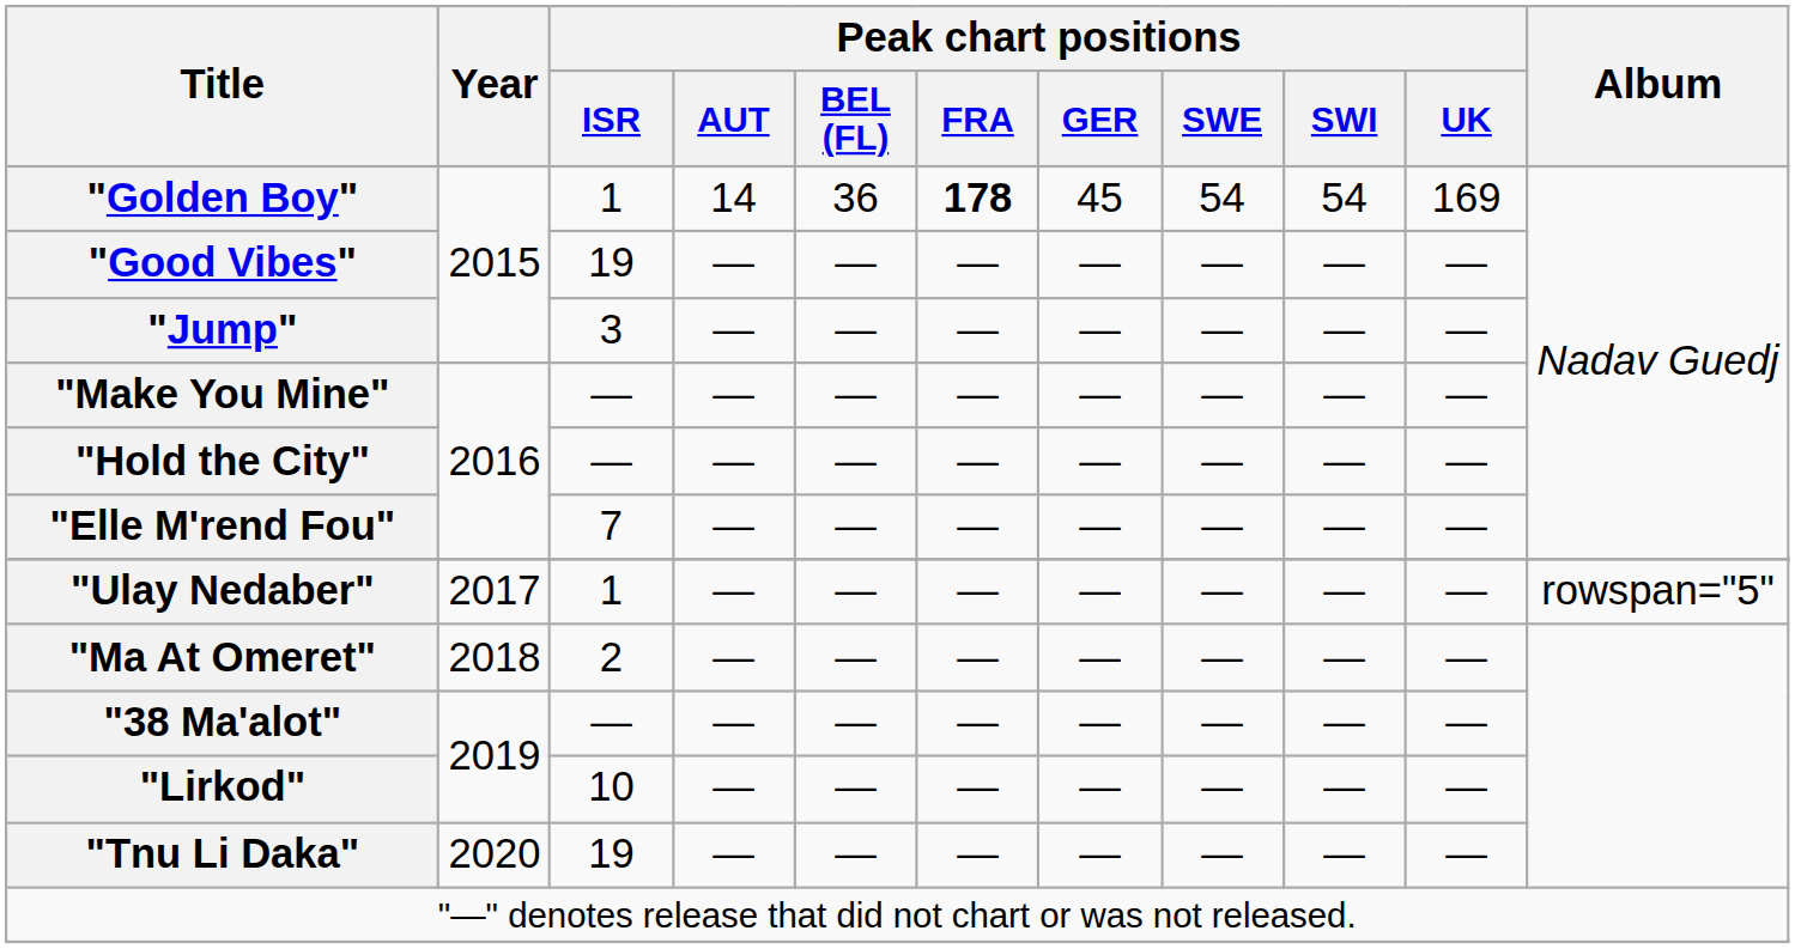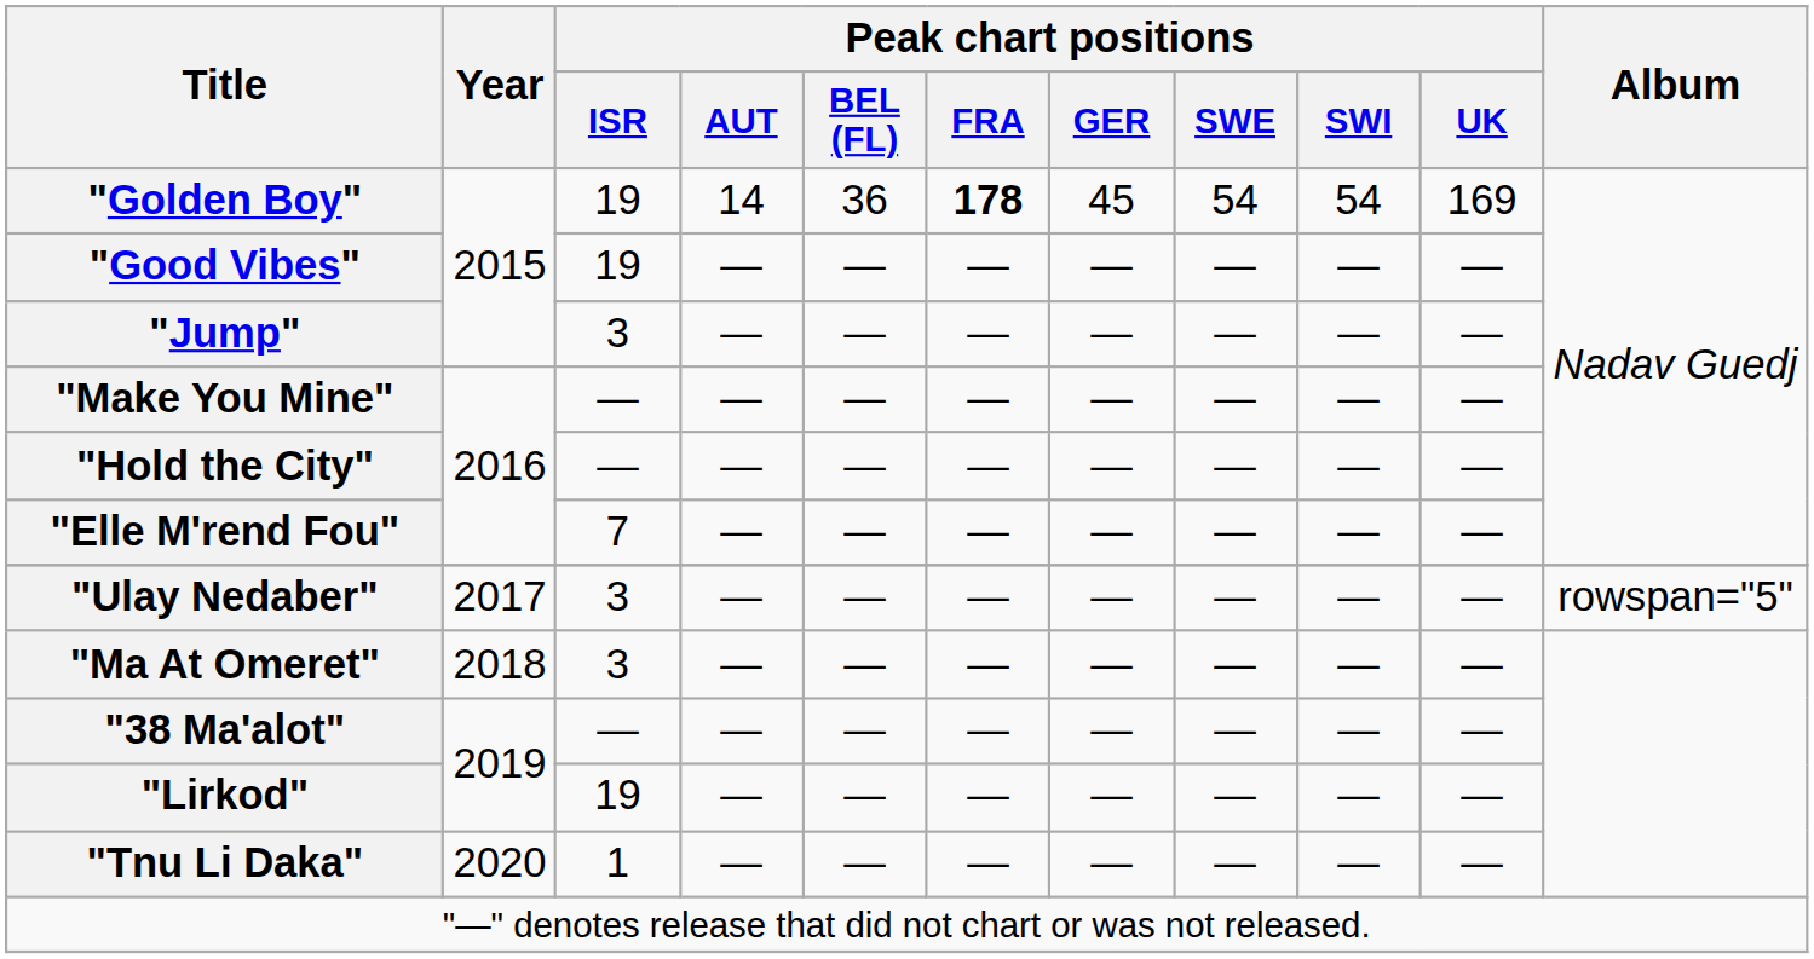 <table class="wikitable plainrowheaders" style="text-align:center;">
 <tr>
 <th scope="col" rowspan="2" style="width:10em;">Title</th>
 <th scope="col" rowspan="2">Year</th>
 <th scope="col" colspan="8">Peak chart positions</th>
 <th scope="col" rowspan="2">Album</th>
 </tr>
 <tr>
 <th scope="col" style="width:3em;font-size:85%;"><a href='#'>ISR</a><br></th>
 <th scope="col" style="width:3em;font-size:85%;"><a href='#'>AUT</a><br></th>
 <th scope="col" style="width:3em;font-size:85%;"><a href='#'>BEL<br>(FL)</a><br></th>
 <th scope="col" style="width:3em;font-size:85%;"><a href='#'>FRA</a><br></th>
 <th scope="col" style="width:3em;font-size:85%;"><a href='#'>GER</a><br></th>
 <th scope="col" style="width:3em;font-size:85%;"><a href='#'>SWE</a><br></th>
 <th scope="col" style="width:3em;font-size:85%;"><a href='#'>SWI</a><br></th>
 <th scope="col" style="width:3em;font-size:85%;"><a href='#'>UK</a><br></th>
 </tr>
 <tr>
 <th scope="row">"<a href='#'>Golden Boy</a>"</th>
 <td rowspan="3">2015</td>
-<td>1</td>
+<td>19</td>
 <td>14</td>
 <td>36</td>
 <td><strong>178</strong></td>
 <td>45</td>
 <td>54</td>
 <td>54</td>
 <td>169</td>
 <td rowspan="6"><em>Nadav Guedj</em></td>
 </tr>
 <tr>
 <th scope="row">"<a href='#'>Good Vibes</a>"</th>
 <td>19</td>
 <td>—</td>
 <td>—</td>
 <td>—</td>
 <td>—</td>
 <td>—</td>
 <td>—</td>
 <td>—</td>
 </tr>
 <tr>
 <th scope="row">"<a href='#'>Jump</a>"</th>
 <td>3</td>
 <td>—</td>
 <td>—</td>
 <td>—</td>
 <td>—</td>
 <td>—</td>
 <td>—</td>
 <td>—</td>
 </tr>
 <tr>
 <th scope="row">"Make You Mine"</th>
 <td rowspan="3">2016</td>
 <td>—</td>
 <td>—</td>
 <td>—</td>
 <td>—</td>
 <td>—</td>
 <td>—</td>
 <td>—</td>
 <td>—</td>
 </tr>
 <tr>
 <th scope="row">"Hold the City"</th>
 <td>—</td>
 <td>—</td>
 <td>—</td>
 <td>—</td>
 <td>—</td>
 <td>—</td>
 <td>—</td>
 <td>—</td>
 </tr>
 <tr>
 <th scope="row">"Elle M'rend Fou"</th>
 <td>7</td>
 <td>—</td>
 <td>—</td>
 <td>—</td>
 <td>—</td>
 <td>—</td>
 <td>—</td>
 <td>—</td>
 </tr>
 <tr>
 </tr>
 <tr>
 <th scope="row">"Ulay Nedaber"</th>
 <td>2017</td>
-<td>1</td>
+<td>3</td>
 <td>—</td>
 <td>—</td>
 <td>—</td>
 <td>—</td>
 <td>—</td>
 <td>—</td>
 <td>—</td>
 <td>rowspan="5" </td>
 </tr>
 <tr>
 <th scope="row">"Ma At Omeret"</th>
 <td>2018</td>
-<td>2</td>
+<td>3</td>
 <td>—</td>
 <td>—</td>
 <td>—</td>
 <td>—</td>
 <td>—</td>
 <td>—</td>
 <td>—</td>
 </tr>
 <tr>
 <th scope="row">"38 Ma'alot"</th>
 <td rowspan="2">2019</td>
 <td>—</td>
 <td>—</td>
 <td>—</td>
 <td>—</td>
 <td>—</td>
 <td>—</td>
 <td>—</td>
 <td>—</td>
 </tr>
 <tr>
 <th scope="row">"Lirkod"</th>
-<td>10</td>
+<td>19</td>
 <td>—</td>
 <td>—</td>
 <td>—</td>
 <td>—</td>
 <td>—</td>
 <td>—</td>
 <td>—</td>
 </tr>
 <tr>
 <th scope="row">"Tnu Li Daka"</th>
 <td>2020</td>
-<td>19</td>
+<td>1</td>
 <td>—</td>
 <td>—</td>
 <td>—</td>
 <td>—</td>
 <td>—</td>
 <td>—</td>
 <td>—</td>
 </tr>
 <tr>
 <td colspan="20" style="font-size:85%">"—" denotes release that did not chart or was not released.</td>
 </tr>
 <tr>
 </tr>
 </table>
